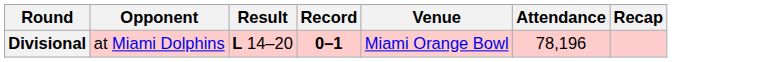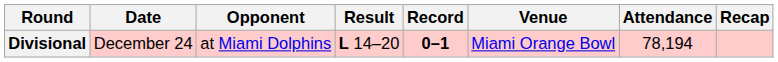 <table class="wikitable" style="text-align:center">
 <tr>
 <th>Round</th>
+<th>Date</th>
 <th>Opponent</th>
 <th>Result</th>
 <th>Record</th>
 <th>Venue</th>
 <th>Attendance</th>
 <th>Recap</th>
 </tr>
 <tr style="background:#fcc">
 <th>Divisional</th>
+<td>December 24</td>
 <td>at <a href='#'>Miami Dolphins</a></td>
 <td><strong>L</strong> 14–20</td>
 <td><strong>0–1</strong></td>
 <td><a href='#'>Miami Orange Bowl</a></td>
-<td>78,196</td>
+<td>78,194</td>
 <td></td>
 </tr>
 </table>
